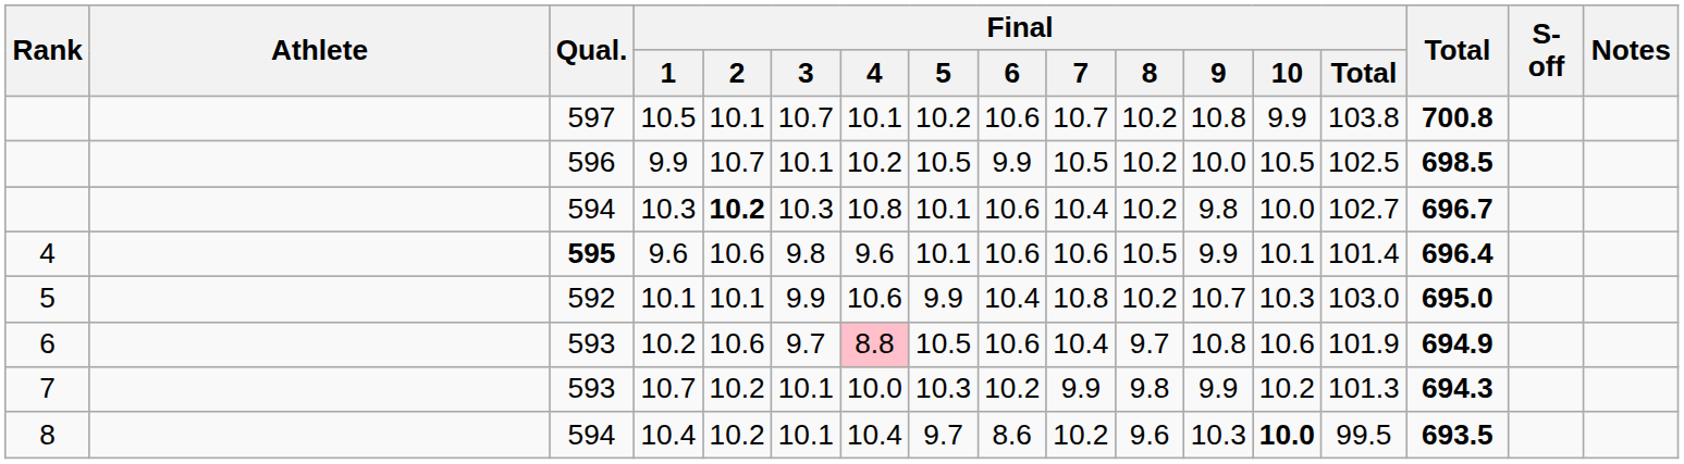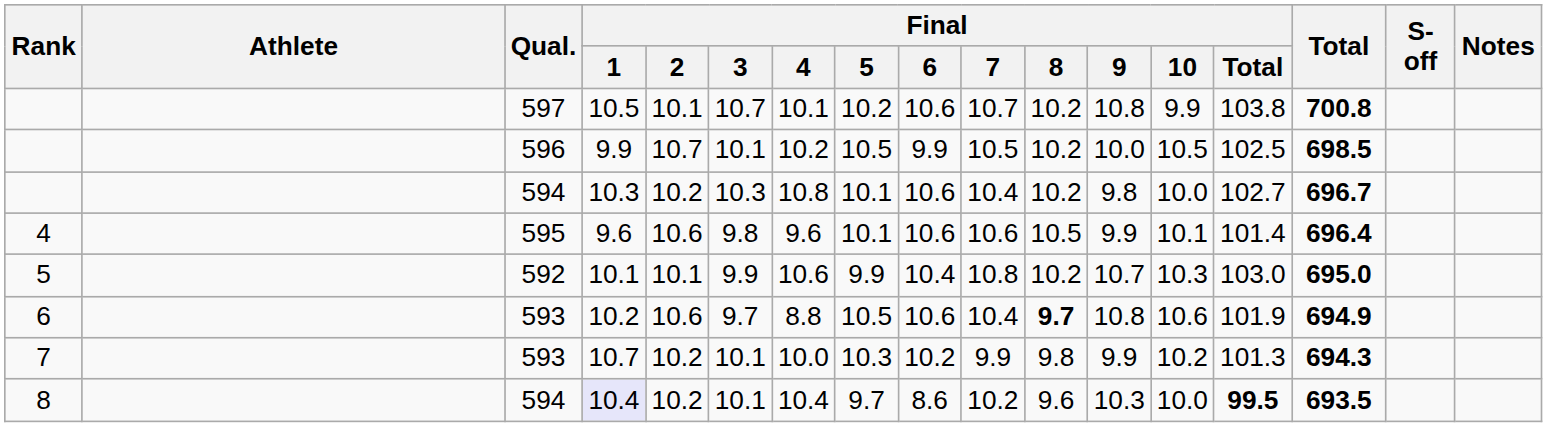 <table class="wikitable" style="text-align:center">
 <tr>
 <th rowspan=2 width=40>Rank</th>
 <th rowspan=2 width=250>Athlete</th>
 <th rowspan=2 width=40>Qual.</th>
 <th colspan=11>Final</th>
 <th rowspan=2 width=50>Total</th>
 <th rowspan=2 width=35>S-off</th>
 <th rowspan=2 width=45>Notes</th>
 </tr>
 <tr>
 <th width=30>1</th>
 <th width=30>2</th>
 <th width=30>3</th>
 <th width=30>4</th>
 <th width=30>5</th>
 <th width=30>6</th>
 <th width=30>7</th>
 <th width=30>8</th>
 <th width=30>9</th>
 <th width=30>10</th>
 <th width=40>Total</th>
 </tr>
 <tr>
 <td></td>
 <td align=left></td>
 <td>597</td>
 <td>10.5</td>
 <td>10.1</td>
 <td>10.7</td>
 <td>10.1</td>
 <td>10.2</td>
 <td>10.6</td>
 <td>10.7</td>
 <td>10.2</td>
 <td>10.8</td>
 <td>9.9</td>
 <td>103.8</td>
 <td><strong>700.8</strong></td>
 <td></td>
 <td></td>
 </tr>
 <tr>
 <td></td>
 <td align=left></td>
 <td>596</td>
 <td>9.9</td>
 <td>10.7</td>
 <td>10.1</td>
 <td>10.2</td>
 <td>10.5</td>
 <td>9.9</td>
 <td>10.5</td>
 <td>10.2</td>
 <td>10.0</td>
 <td>10.5</td>
 <td>102.5</td>
 <td><strong>698.5</strong></td>
 <td></td>
 <td></td>
 </tr>
 <tr>
 <td></td>
 <td align=left></td>
 <td>594</td>
 <td>10.3</td>
-<td><strong>10.2</strong></td>
+<td>10.2</td>
 <td>10.3</td>
 <td>10.8</td>
 <td>10.1</td>
 <td>10.6</td>
 <td>10.4</td>
 <td>10.2</td>
 <td>9.8</td>
 <td>10.0</td>
 <td>102.7</td>
 <td><strong>696.7</strong></td>
 <td></td>
 <td></td>
 </tr>
 <tr>
 <td>4</td>
 <td align=left></td>
-<td><strong>595</strong></td>
+<td>595</td>
 <td>9.6</td>
 <td>10.6</td>
 <td>9.8</td>
 <td>9.6</td>
 <td>10.1</td>
 <td>10.6</td>
 <td>10.6</td>
 <td>10.5</td>
 <td>9.9</td>
 <td>10.1</td>
 <td>101.4</td>
 <td><strong>696.4</strong></td>
 <td></td>
 <td></td>
 </tr>
 <tr>
 <td>5</td>
 <td align=left></td>
 <td>592</td>
 <td>10.1</td>
 <td>10.1</td>
 <td>9.9</td>
 <td>10.6</td>
 <td>9.9</td>
 <td>10.4</td>
 <td>10.8</td>
 <td>10.2</td>
 <td>10.7</td>
 <td>10.3</td>
 <td>103.0</td>
 <td><strong>695.0</strong></td>
 <td></td>
 <td></td>
 </tr>
 <tr>
 <td>6</td>
 <td align=left></td>
 <td>593</td>
 <td>10.2</td>
 <td>10.6</td>
 <td>9.7</td>
-<td style="background: pink;">8.8</td>
+<td>8.8</td>
 <td>10.5</td>
 <td>10.6</td>
 <td>10.4</td>
-<td>9.7</td>
+<td><strong>9.7</strong></td>
 <td>10.8</td>
 <td>10.6</td>
 <td>101.9</td>
 <td><strong>694.9</strong></td>
 <td></td>
 <td></td>
 </tr>
 <tr>
 <td>7</td>
 <td align=left></td>
 <td>593</td>
 <td>10.7</td>
 <td>10.2</td>
 <td>10.1</td>
 <td>10.0</td>
 <td>10.3</td>
 <td>10.2</td>
 <td>9.9</td>
 <td>9.8</td>
 <td>9.9</td>
 <td>10.2</td>
 <td>101.3</td>
 <td><strong>694.3</strong></td>
 <td></td>
 <td></td>
 </tr>
 <tr>
 <td>8</td>
 <td align=left></td>
 <td>594</td>
-<td>10.4</td>
+<td style="background: lavender;">10.4</td>
 <td>10.2</td>
 <td>10.1</td>
 <td>10.4</td>
 <td>9.7</td>
 <td>8.6</td>
 <td>10.2</td>
 <td>9.6</td>
 <td>10.3</td>
-<td><strong>10.0</strong></td>
-<td>99.5</td>
+<td>10.0</td>
+<td><strong>99.5</strong></td>
 <td><strong>693.5</strong></td>
 <td></td>
 <td></td>
 </tr>
 </table>
